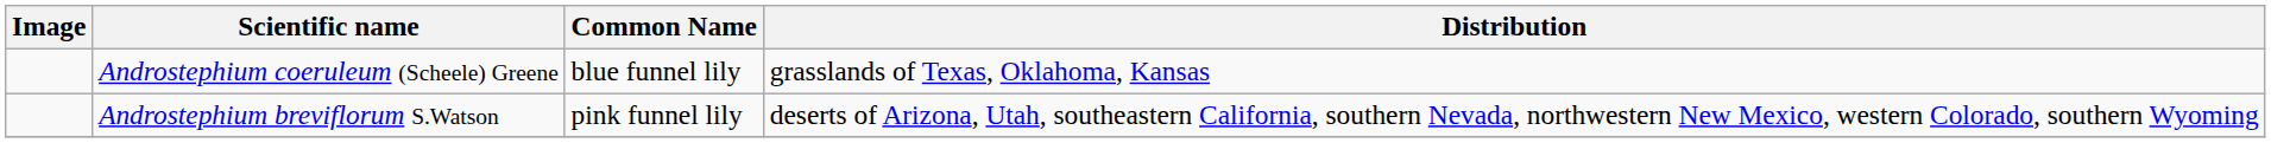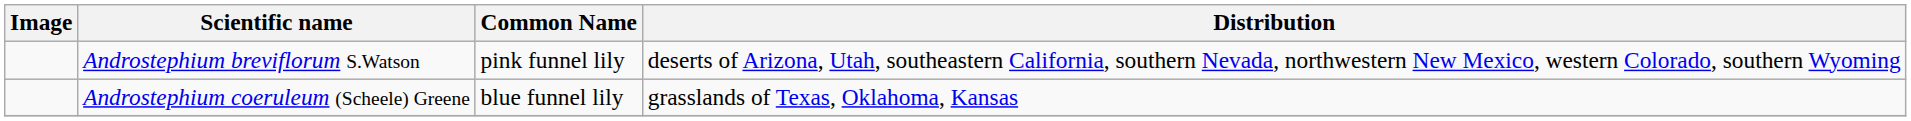 <table class="wikitable">
 <tr>
 <th>Image</th>
 <th>Scientific name</th>
 <th>Common Name</th>
 <th>Distribution</th>
 </tr>
 <tr>
 <td></td>
+<td><em><a href='#'>Androstephium breviflorum</a></em> <small>S.Watson</small></td>
+<td>pink funnel lily</td>
+<td>deserts of <a href='#'>Arizona</a>, <a href='#'>Utah</a>, southeastern <a href='#'>California</a>, southern <a href='#'>Nevada</a>, northwestern <a href='#'>New Mexico</a>, western <a href='#'>Colorado</a>, southern <a href='#'>Wyoming</a></td>
+</tr>
+<tr>
+<td></td>
 <td><em><a href='#'>Androstephium coeruleum</a></em>  <small>(Scheele) Greene</small></td>
 <td>blue funnel lily</td>
 <td>grasslands of <a href='#'>Texas</a>, <a href='#'>Oklahoma</a>, <a href='#'>Kansas</a></td>
 </tr>
 <tr>
-<td></td>
-<td><em><a href='#'>Androstephium breviflorum</a></em> <small>S.Watson</small></td>
-<td>pink funnel lily</td>
-<td>deserts of <a href='#'>Arizona</a>, <a href='#'>Utah</a>, southeastern <a href='#'>California</a>, southern <a href='#'>Nevada</a>, northwestern <a href='#'>New Mexico</a>, western <a href='#'>Colorado</a>, southern <a href='#'>Wyoming</a></td>
-</tr>
-<tr>
 </tr>
 </table>
